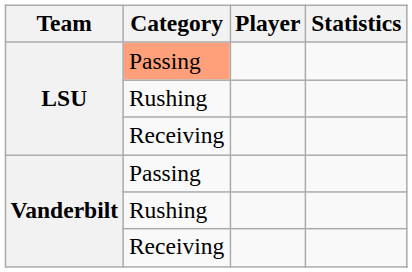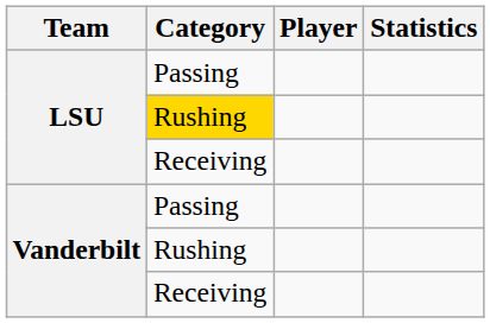 <table class="wikitable" style="float:right">
 <tr>
 <th>Team</th>
 <th>Category</th>
 <th>Player</th>
 <th>Statistics</th>
 </tr>
 <tr>
 <th rowspan=3>LSU</th>
-<td style="background: lightsalmon;">Passing</td>
+<td>Passing</td>
 <td></td>
 <td></td>
 </tr>
 <tr>
-<td>Rushing</td>
+<td style="background: gold;">Rushing</td>
 <td></td>
 <td></td>
 </tr>
 <tr>
 <td>Receiving</td>
 <td></td>
 <td></td>
 </tr>
 <tr>
 <th rowspan=3>Vanderbilt</th>
 <td>Passing</td>
 <td></td>
 <td></td>
 </tr>
 <tr>
 <td>Rushing</td>
 <td></td>
 <td></td>
 </tr>
 <tr>
 <td>Receiving</td>
 <td></td>
 <td></td>
 </tr>
 </table>
